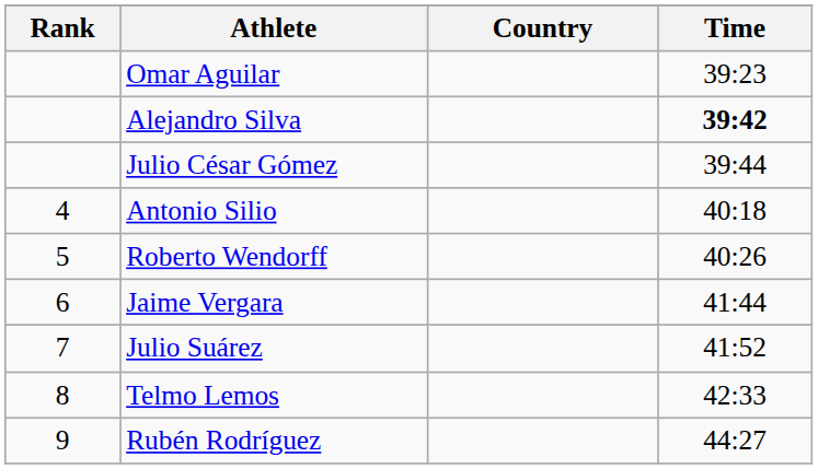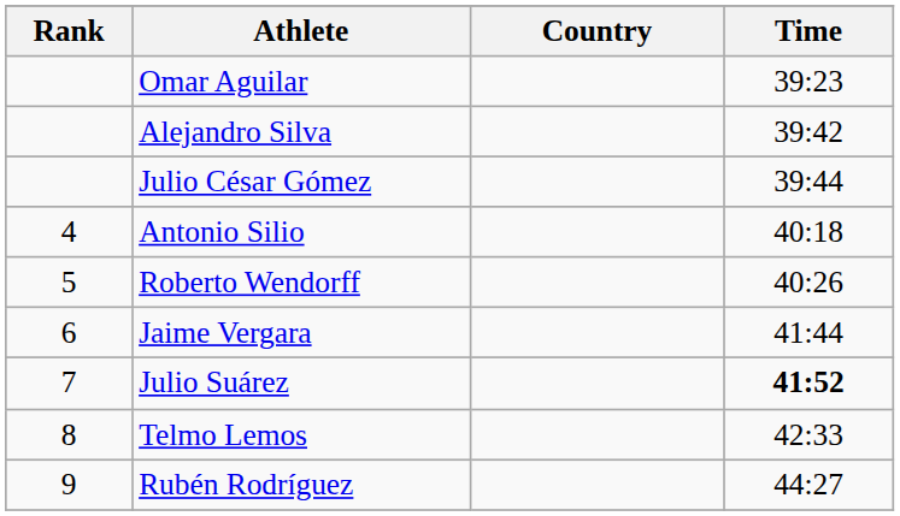 <table class="wikitable sortable" style=" text-align:center; font-size:95%;" width="50%">
 <tr>
 </tr>
 <tr>
 <th width=5%>Rank</th>
 <th width=20%>Athlete</th>
 <th width=15%>Country</th>
 <th width=10%>Time</th>
 </tr>
 <tr>
 <td align=center></td>
 <td align=left><a href='#'>Omar Aguilar</a></td>
 <td align=left></td>
 <td>39:23</td>
 </tr>
 <tr>
 <td align=center></td>
 <td align=left><a href='#'>Alejandro Silva</a></td>
 <td align=left></td>
-<td><strong>39:42</strong></td>
+<td>39:42</td>
 </tr>
 <tr>
 <td align=center></td>
 <td align=left><a href='#'>Julio César Gómez</a></td>
 <td align=left></td>
 <td>39:44</td>
 </tr>
 <tr>
 <td align=center>4</td>
 <td align=left><a href='#'>Antonio Silio</a></td>
 <td align=left></td>
 <td>40:18</td>
 </tr>
 <tr>
 <td align=center>5</td>
 <td align=left><a href='#'>Roberto Wendorff</a></td>
 <td align=left></td>
 <td>40:26</td>
 </tr>
 <tr>
 <td align=center>6</td>
 <td align=left><a href='#'>Jaime Vergara</a></td>
 <td align=left></td>
 <td>41:44</td>
 </tr>
 <tr>
 <td align=center>7</td>
 <td align=left><a href='#'>Julio Suárez</a></td>
 <td align=left></td>
-<td>41:52</td>
+<td><strong>41:52</strong></td>
 </tr>
 <tr>
 <td align=center>8</td>
 <td align=left><a href='#'>Telmo Lemos</a></td>
 <td align=left></td>
 <td>42:33</td>
 </tr>
 <tr>
 <td align=center>9</td>
 <td align=left><a href='#'>Rubén Rodríguez</a></td>
 <td align=left></td>
 <td>44:27</td>
 </tr>
 </table>
